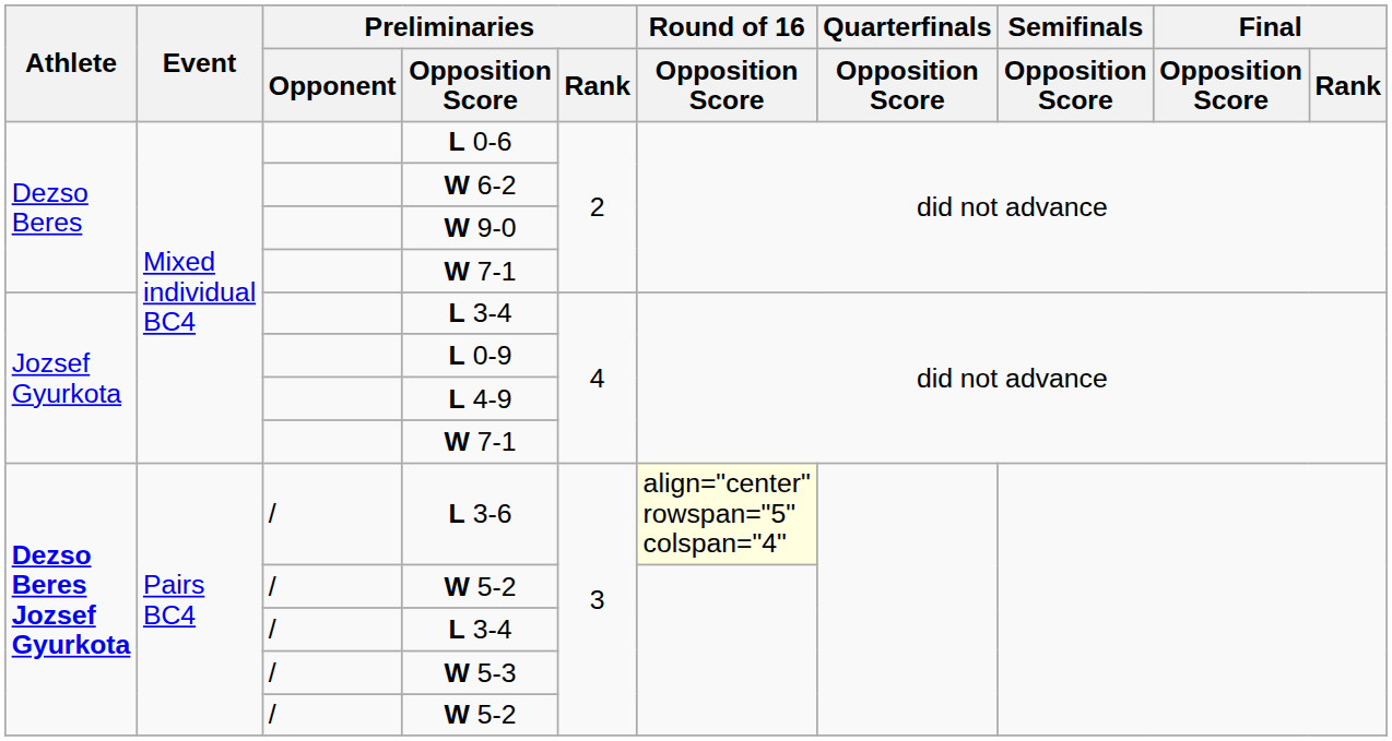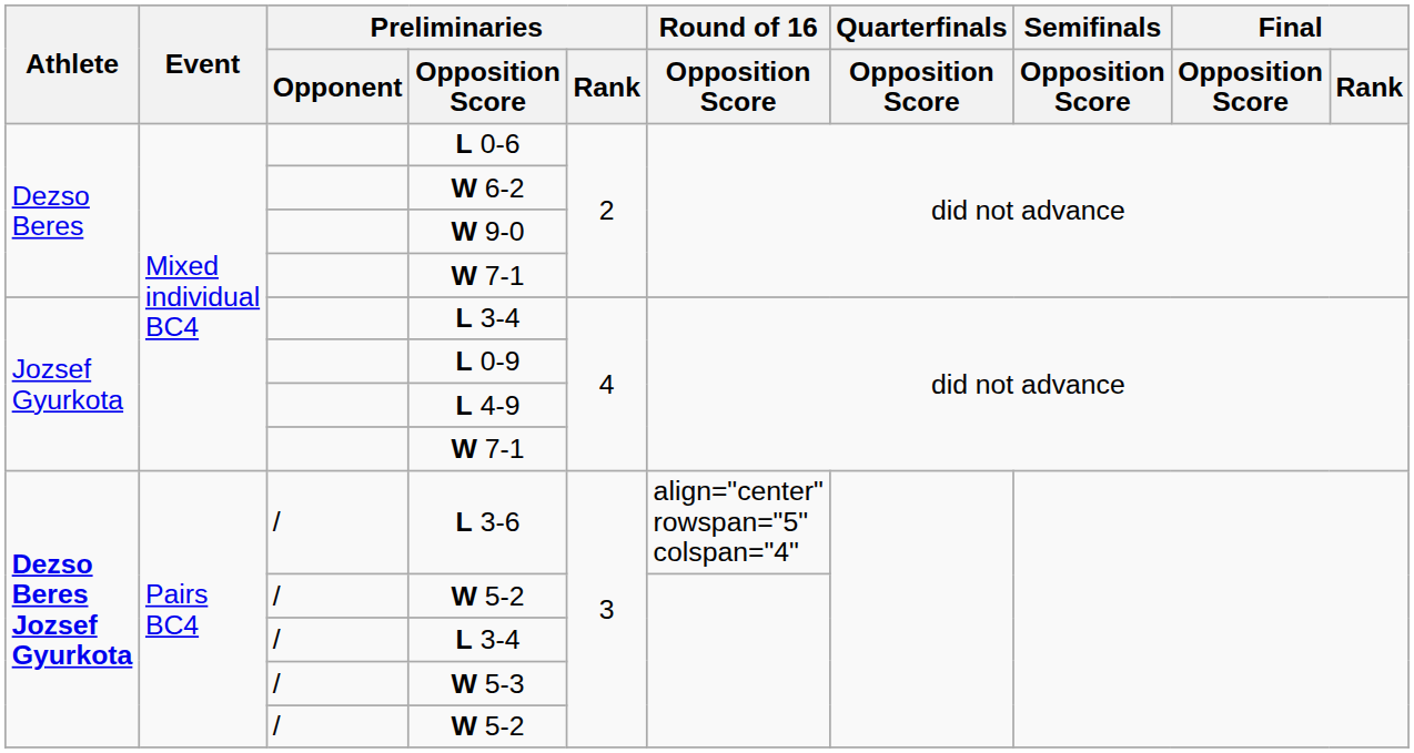 <table class=wikitable style="font-size:90%">
 <tr>
 <th rowspan="2">Athlete</th>
 <th rowspan="2">Event</th>
 <th colspan="3">Preliminaries</th>
 <th>Round of 16</th>
 <th>Quarterfinals</th>
 <th>Semifinals</th>
 <th colspan="2">Final</th>
 </tr>
 <tr>
 <th>Opponent</th>
 <th>Opposition<br>Score</th>
 <th>Rank</th>
 <th>Opposition<br>Score</th>
 <th>Opposition<br>Score</th>
 <th>Opposition<br>Score</th>
 <th>Opposition<br>Score</th>
 <th>Rank</th>
 </tr>
 <tr>
 <td rowspan="4"><a href='#'>Dezso Beres</a></td>
 <td rowspan="8"><a href='#'>Mixed individual BC4</a></td>
 <td align="left"></td>
 <td align="center"><strong>L</strong> 0-6</td>
 <td align="center" rowspan="4">2</td>
 <td align="center" rowspan="4" colspan="5">did not advance</td>
 </tr>
 <tr>
 <td align="left"></td>
 <td align="center"><strong>W</strong> 6-2</td>
 </tr>
 <tr>
 <td align="left"></td>
 <td align="center"><strong>W</strong> 9-0</td>
 </tr>
 <tr>
 <td align="left"></td>
 <td align="center"><strong>W</strong> 7-1</td>
 </tr>
 <tr>
 <td rowspan="4"><a href='#'>Jozsef Gyurkota</a></td>
 <td align="left"></td>
 <td align="center"><strong>L</strong> 3-4</td>
 <td align="center" rowspan="4">4</td>
 <td align="center" rowspan="4" colspan="5">did not advance</td>
 </tr>
 <tr>
 <td align="left"></td>
 <td align="center"><strong>L</strong> 0-9</td>
 </tr>
 <tr>
 <td align="left"></td>
 <td align="center"><strong>L</strong> 4-9</td>
 </tr>
 <tr>
 <td align="left"></td>
 <td align="center"><strong>W</strong> 7-1</td>
 </tr>
 <tr>
 <td rowspan="5"><strong><a href='#'>Dezso Beres</a></strong><br> <strong><a href='#'>Jozsef Gyurkota</a></strong></td>
 <td rowspan="5"><a href='#'>Pairs BC4</a></td>
 <td align="left"> /<br> </td>
 <td align="center"><strong>L</strong> 3-6</td>
 <td align="center" rowspan="5">3</td>
-<td style="background: lightyellow;">align="center" rowspan="5" colspan="4" </td>
+<td>align="center" rowspan="5" colspan="4" </td>
 <td align="center" rowspan="5"></td>
 </tr>
 <tr>
 <td align="left"> /<br> </td>
 <td align="center"><strong>W</strong> 5-2</td>
 </tr>
 <tr>
 <td align="left"> /<br> </td>
 <td align="center"><strong>L</strong> 3-4</td>
 </tr>
 <tr>
 <td align="left"> /<br> </td>
 <td align="center"><strong>W</strong> 5-3</td>
 </tr>
 <tr>
 <td align="left"> /<br> </td>
 <td align="center"><strong>W</strong> 5-2</td>
 </tr>
 </table>
